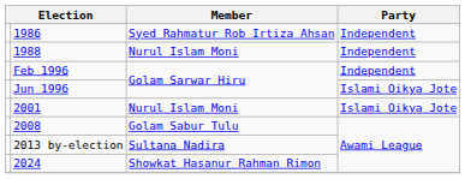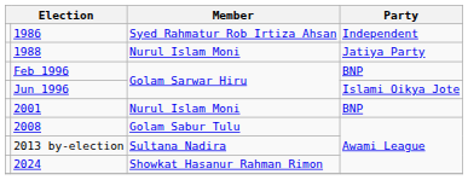 <table class="wikitable">
 <tr>
 <th colspan="2">Election</th>
 <th>Member</th>
 <th>Party</th>
 </tr>
 <tr>
 <td style="background-color:"></td>
 <td><a href='#'>1986</a></td>
 <td><a href='#'>Syed Rahmatur Rob Irtiza Ahsan</a></td>
 <td><a href='#'>Independent</a></td>
 </tr>
 <tr>
 <td style="background-color:"></td>
 <td><a href='#'>1988</a></td>
 <td><a href='#'>Nurul Islam Moni</a></td>
-<td><a href='#'>Independent</a></td>
+<td><a href='#'>Jatiya Party</a></td>
 </tr>
 <tr>
 <td style="background-color:"></td>
 <td><a href='#'>Feb 1996</a></td>
 <td rowspan="2"><a href='#'>Golam Sarwar Hiru</a></td>
-<td><a href='#'>Independent</a></td>
+<td><a href='#'>BNP</a></td>
 </tr>
 <tr>
 <td style="background-color:"></td>
 <td><a href='#'>Jun 1996</a></td>
 <td><a href='#'>Islami Oikya Jote</a></td>
 </tr>
 <tr>
 <td style="background-color:"></td>
 <td><a href='#'>2001</a></td>
 <td><a href='#'>Nurul Islam Moni</a></td>
-<td><a href='#'>Islami Oikya Jote</a></td>
+<td><a href='#'>BNP</a></td>
 </tr>
 <tr>
 <td style="background-color:"></td>
 <td><a href='#'>2008</a></td>
 <td><a href='#'>Golam Sabur Tulu</a></td>
 <td rowspan="3"><a href='#'>Awami League</a></td>
 </tr>
 <tr>
 <td style="background-color:"></td>
 <td>2013 by-election</td>
 <td><a href='#'>Sultana Nadira</a></td>
 </tr>
 <tr>
 <td style="background-color:"></td>
 <td><a href='#'>2024</a></td>
 <td><a href='#'>Showkat Hasanur Rahman Rimon</a></td>
 </tr>
 <tr>
 </tr>
 </table>
